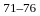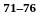 <table style="text-align:center">
 <tr>
 <th width=200></th>
 <th width=100></th>
 <th width=200></th>
 </tr>
 <tr>
 <td align=right></td>
-<td>71–76</td>
+<td><strong>71–76</strong></td>
 <td align=left></td>
 </tr>
 </table>
